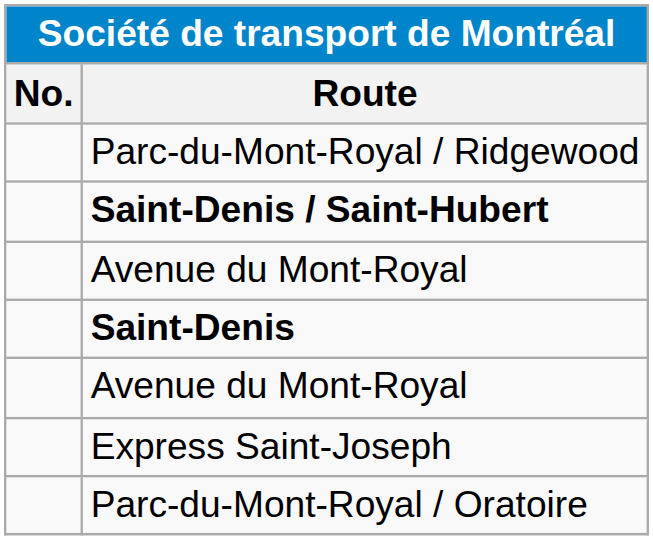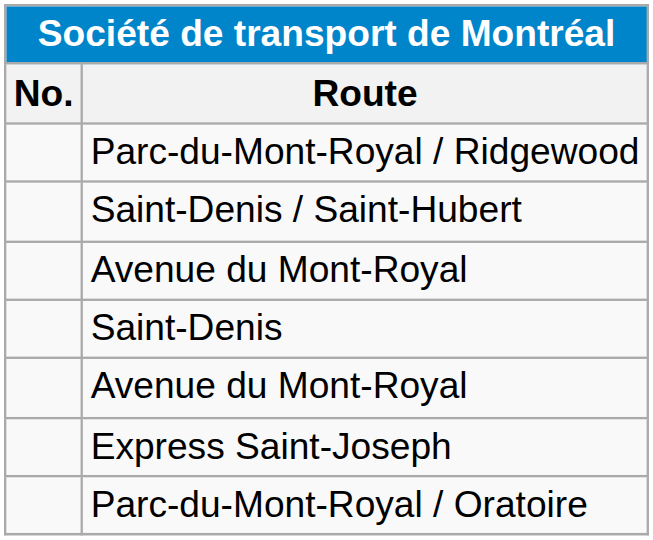 <table align=center class="wikitable">
 <tr>
 <th style="background: #0085CA; font-size:100%; color:#FFFFFF;"colspan="4">Société de transport de Montréal</th>
 </tr>
 <tr>
 <th>No.</th>
 <th>Route</th>
 </tr>
 <tr>
 <td></td>
 <td>Parc-du-Mont-Royal / Ridgewood</td>
 </tr>
 <tr>
 <td></td>
-<td><strong>Saint-Denis / Saint-Hubert</strong></td>
+<td>Saint-Denis / Saint-Hubert</td>
 </tr>
 <tr>
 <td {{Avoid wrap> </td>
 <td>Avenue du Mont-Royal</td>
 </tr>
 <tr>
 <td {{Avoid wrap> </td>
-<td><strong>Saint-Denis</strong></td>
+<td>Saint-Denis</td>
 </tr>
 <tr>
 <td {{Avoid wrap> </td>
 <td>Avenue du Mont-Royal</td>
 </tr>
 <tr>
 <td></td>
 <td>Express Saint-Joseph</td>
 </tr>
 <tr>
 <td></td>
 <td>Parc-du-Mont-Royal / Oratoire</td>
 </tr>
 <tr>
 </tr>
 </table>
